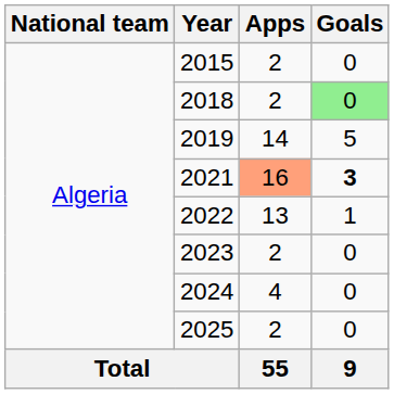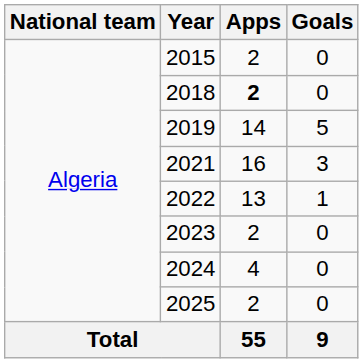 <table class="wikitable" style="text-align:center">
 <tr>
 <th>National team</th>
 <th>Year</th>
 <th>Apps</th>
 <th>Goals</th>
 </tr>
 <tr>
 <td rowspan=8><a href='#'>Algeria</a></td>
 <td>2015</td>
 <td>2</td>
 <td>0</td>
 </tr>
 <tr>
 <td>2018</td>
-<td>2</td>
-<td style="background: lightgreen;">0</td>
+<td><strong>2</strong></td>
+<td>0</td>
 </tr>
 <tr>
 <td>2019</td>
 <td>14</td>
 <td>5</td>
 </tr>
 <tr>
 <td>2021</td>
-<td style="background: lightsalmon;">16</td>
-<td><strong>3</strong></td>
+<td>16</td>
+<td>3</td>
 </tr>
 <tr>
 <td>2022</td>
 <td>13</td>
 <td>1</td>
 </tr>
 <tr>
 <td>2023</td>
 <td>2</td>
 <td>0</td>
 </tr>
 <tr>
 <td>2024</td>
 <td>4</td>
 <td>0</td>
 </tr>
 <tr>
 <td>2025</td>
 <td>2</td>
 <td>0</td>
 </tr>
 <tr>
 <th colspan=2>Total</th>
 <th>55</th>
 <th>9</th>
 </tr>
 </table>
